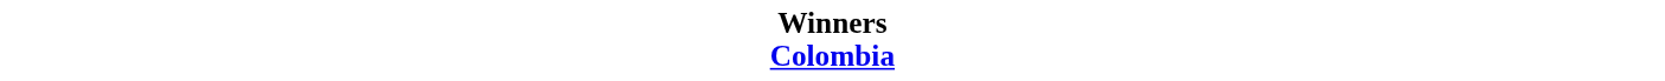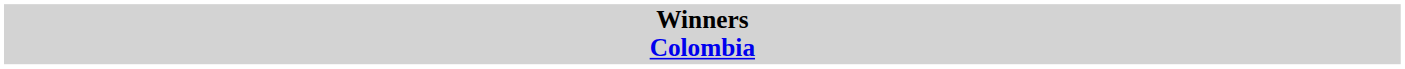 <table cellspacing=0 width=100%>
 <tr>
 <td align=center></td>
 </tr>
 <tr>
-<td align=center><strong>Winners<br><a href='#'>Colombia</a></strong></td>
+<td align=center style="background: lightgrey;"><strong>Winners<br><a href='#'>Colombia</a></strong></td>
 </tr>
 </table>
